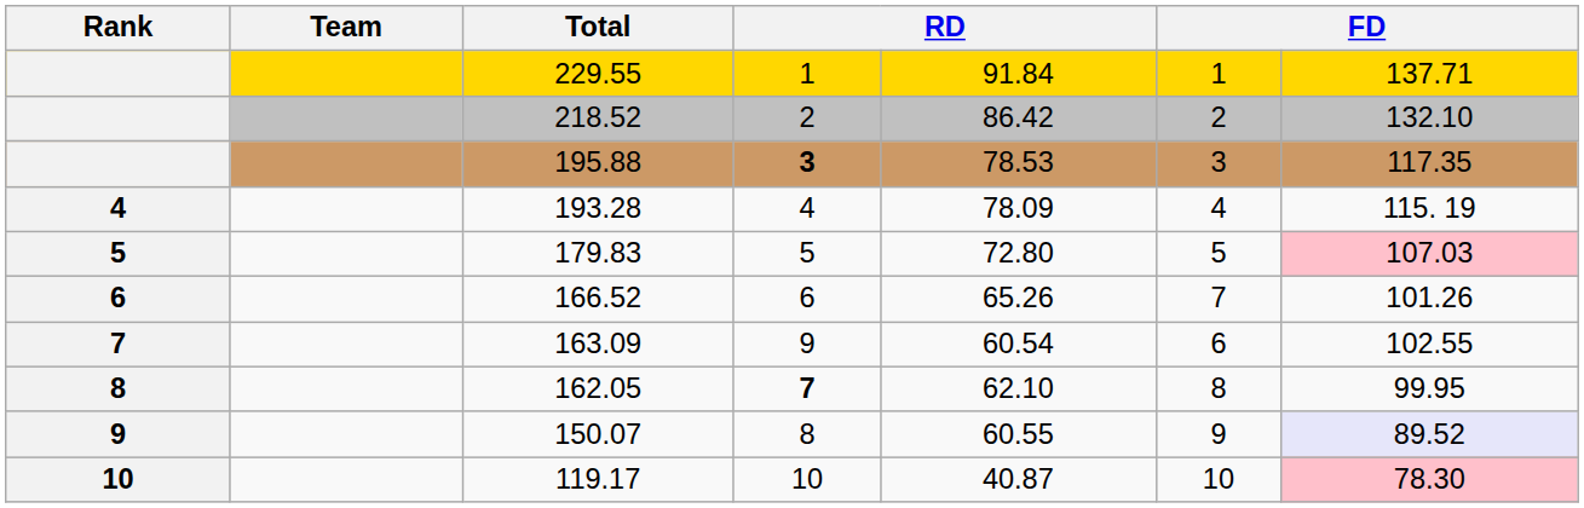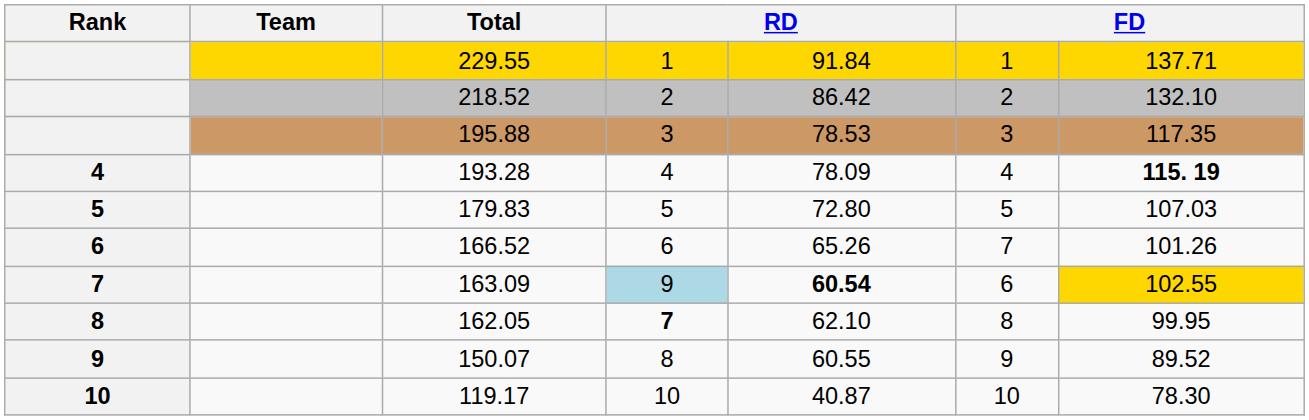 <table class="wikitable sortable" style="text-align:center; width:70%">
 <tr>
 <th scope="col">Rank</th>
 <th scope="col">Team</th>
 <th scope="col">Total</th>
 <th scope="col" colspan="2" width="80px"><a href='#'>RD</a></th>
 <th scope="col" colspan="2" width="80px"><a href='#'>FD</a></th>
 </tr>
 <tr bgcolor="gold">
 <th scope="row"></th>
 <td align="left"></td>
 <td>229.55</td>
 <td>1</td>
 <td>91.84</td>
 <td>1</td>
 <td>137.71</td>
 </tr>
 <tr bgcolor="silver">
 <th scope="row"></th>
 <td align="left"></td>
 <td>218.52</td>
 <td>2</td>
 <td>86.42</td>
 <td>2</td>
 <td>132.10</td>
 </tr>
 <tr bgcolor="cc9966">
 <th scope="row"></th>
 <td align="left"></td>
 <td>195.88</td>
-<td><strong>3</strong></td>
+<td>3</td>
 <td>78.53</td>
 <td>3</td>
 <td>117.35</td>
 </tr>
 <tr>
 <th scope="row">4</th>
 <td align="left"></td>
 <td>193.28</td>
 <td>4</td>
 <td>78.09</td>
 <td>4</td>
-<td>115. 19</td>
+<td><strong>115. 19</strong></td>
 </tr>
 <tr>
 <th scope="row">5</th>
 <td align="left"></td>
 <td>179.83</td>
 <td>5</td>
 <td>72.80</td>
 <td>5</td>
-<td style="background: pink;">107.03</td>
+<td>107.03</td>
 </tr>
 <tr>
 <th scope="row">6</th>
 <td align="left"></td>
 <td>166.52</td>
 <td>6</td>
 <td>65.26</td>
 <td>7</td>
 <td>101.26</td>
 </tr>
 <tr>
 <th scope="row">7</th>
 <td align="left"></td>
 <td>163.09</td>
-<td>9</td>
-<td>60.54</td>
+<td style="background: lightblue;">9</td>
+<td><strong>60.54</strong></td>
 <td>6</td>
-<td>102.55</td>
+<td style="background: gold;">102.55</td>
 </tr>
 <tr>
 <th scope="row">8</th>
 <td align="left"></td>
 <td>162.05</td>
 <td><strong>7</strong></td>
 <td>62.10</td>
 <td>8</td>
 <td>99.95</td>
 </tr>
 <tr>
 <th scope="row">9</th>
 <td align="left"></td>
 <td>150.07</td>
 <td>8</td>
 <td>60.55</td>
 <td>9</td>
-<td style="background: lavender;">89.52</td>
+<td>89.52</td>
 </tr>
 <tr>
 <th scope="row">10</th>
 <td align="left"></td>
 <td>119.17</td>
 <td>10</td>
 <td>40.87</td>
 <td>10</td>
-<td style="background: pink;">78.30</td>
+<td>78.30</td>
 </tr>
 </table>
